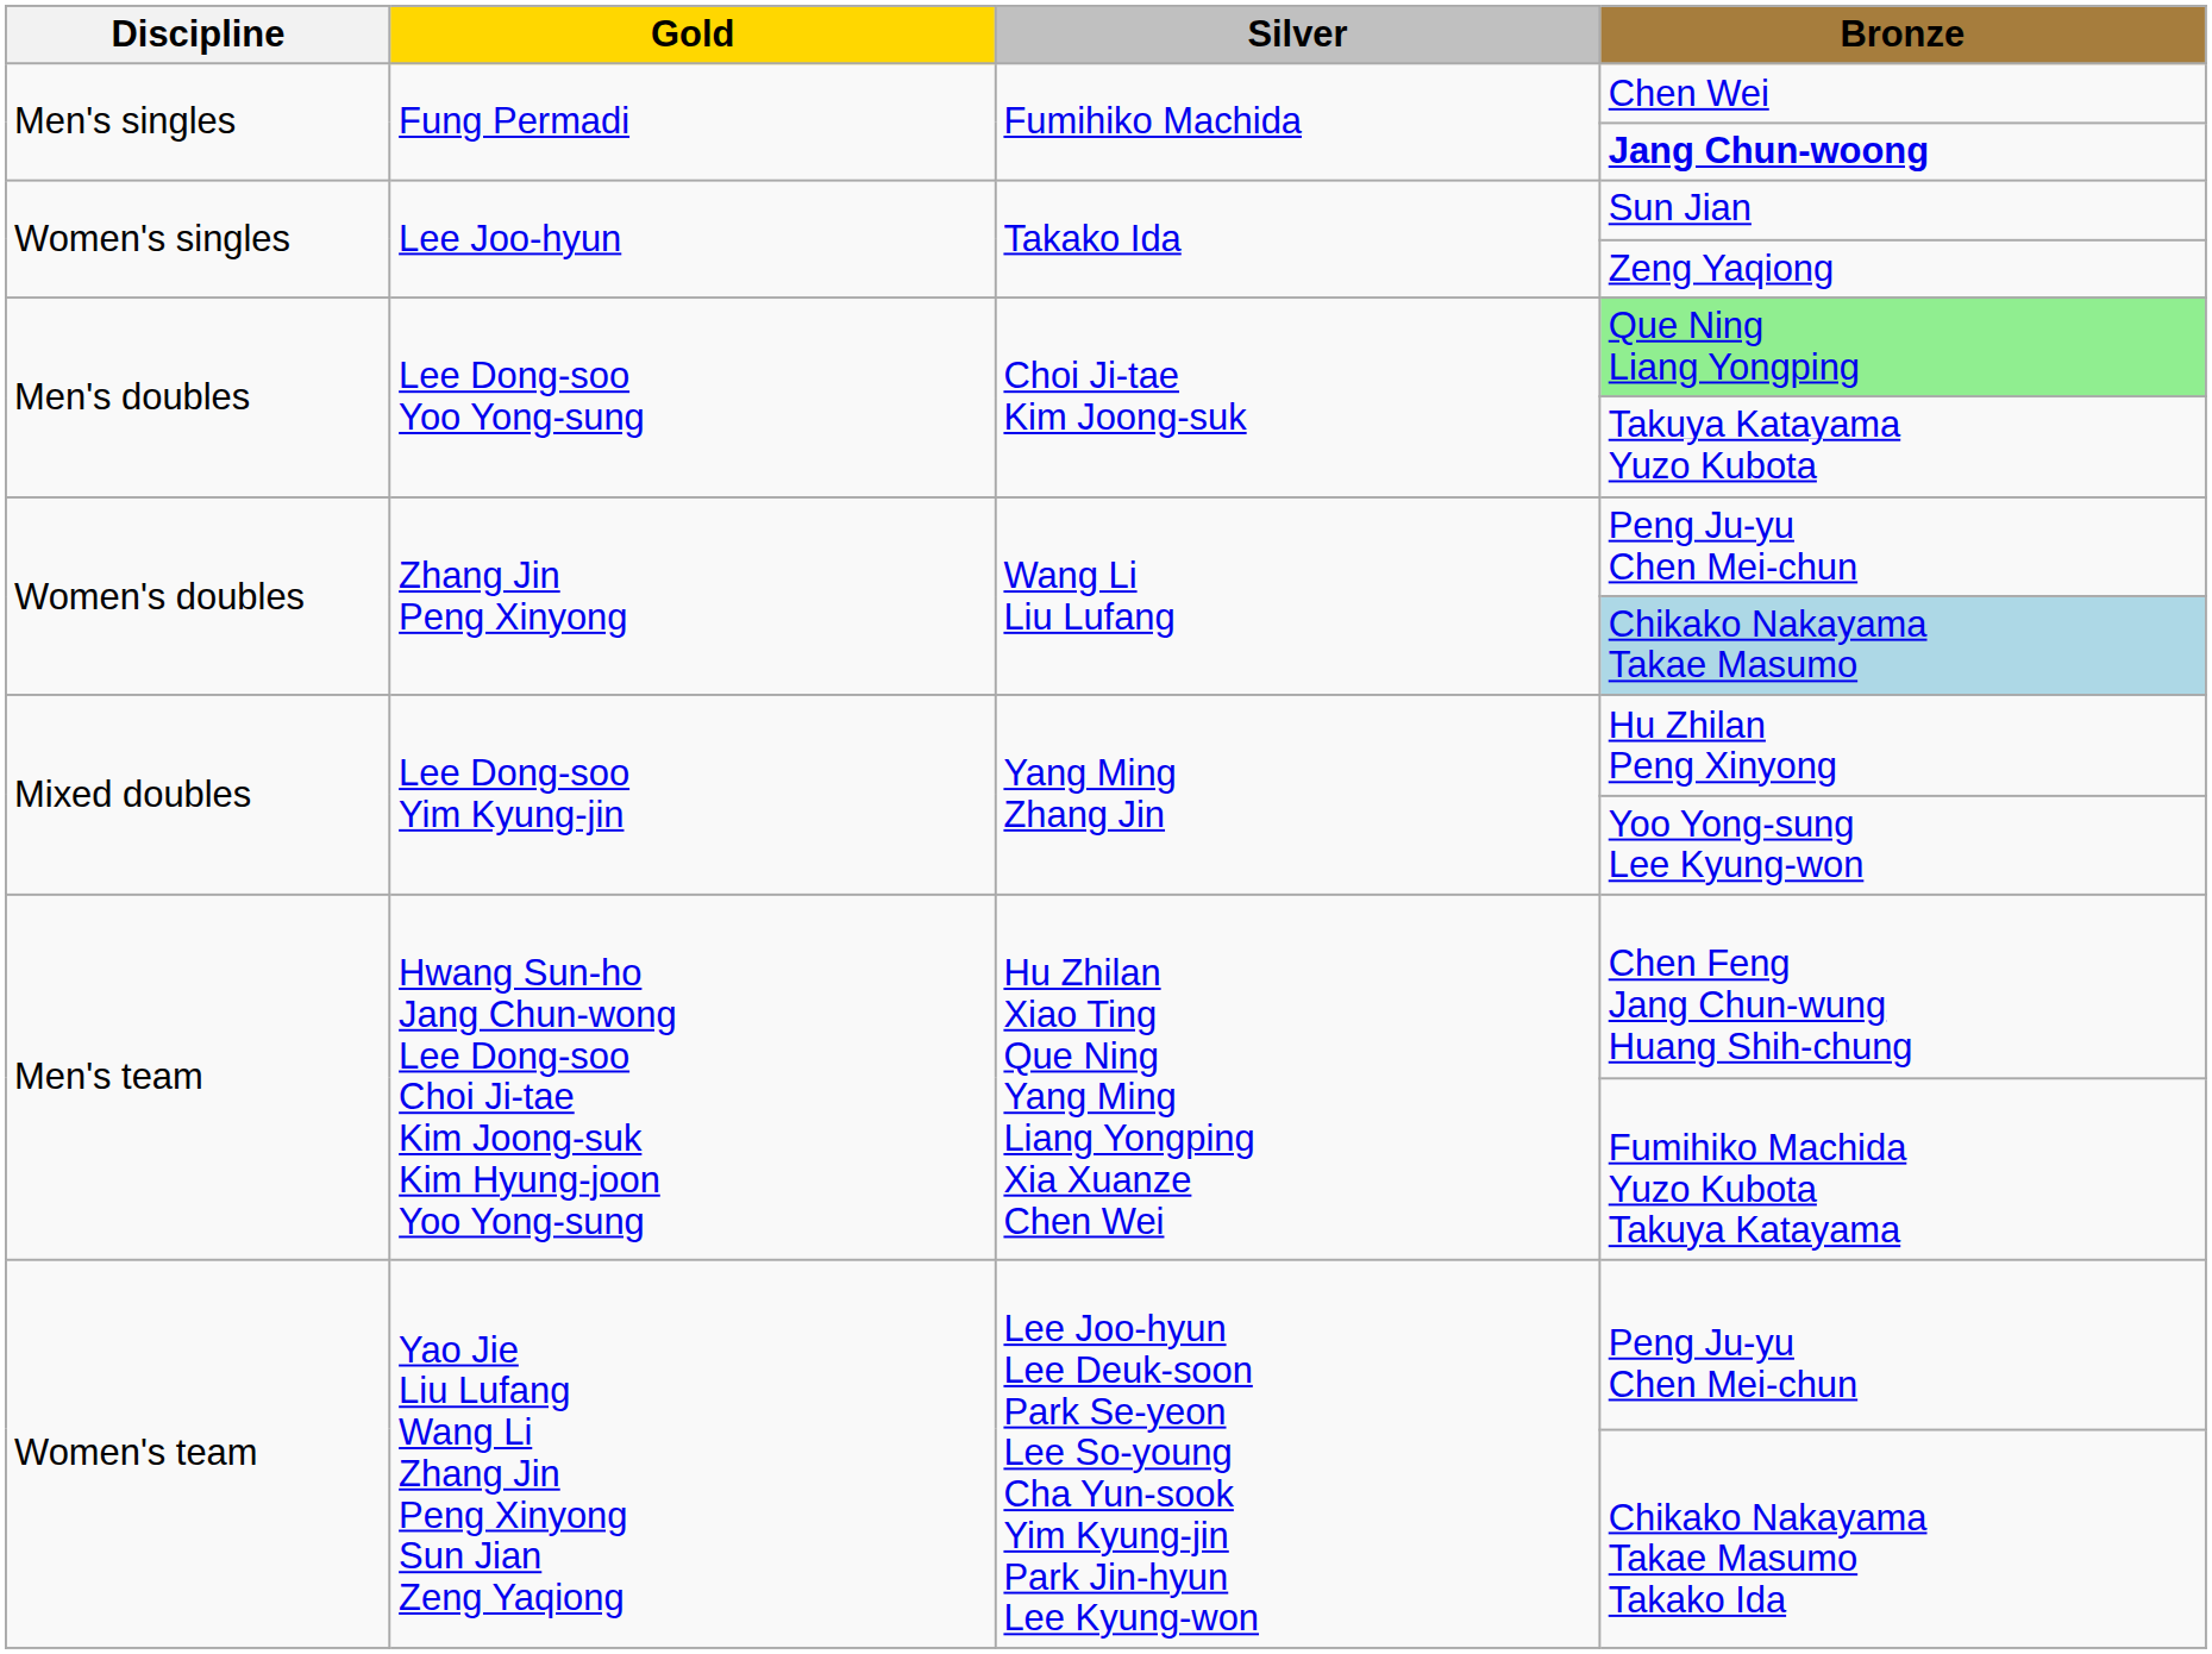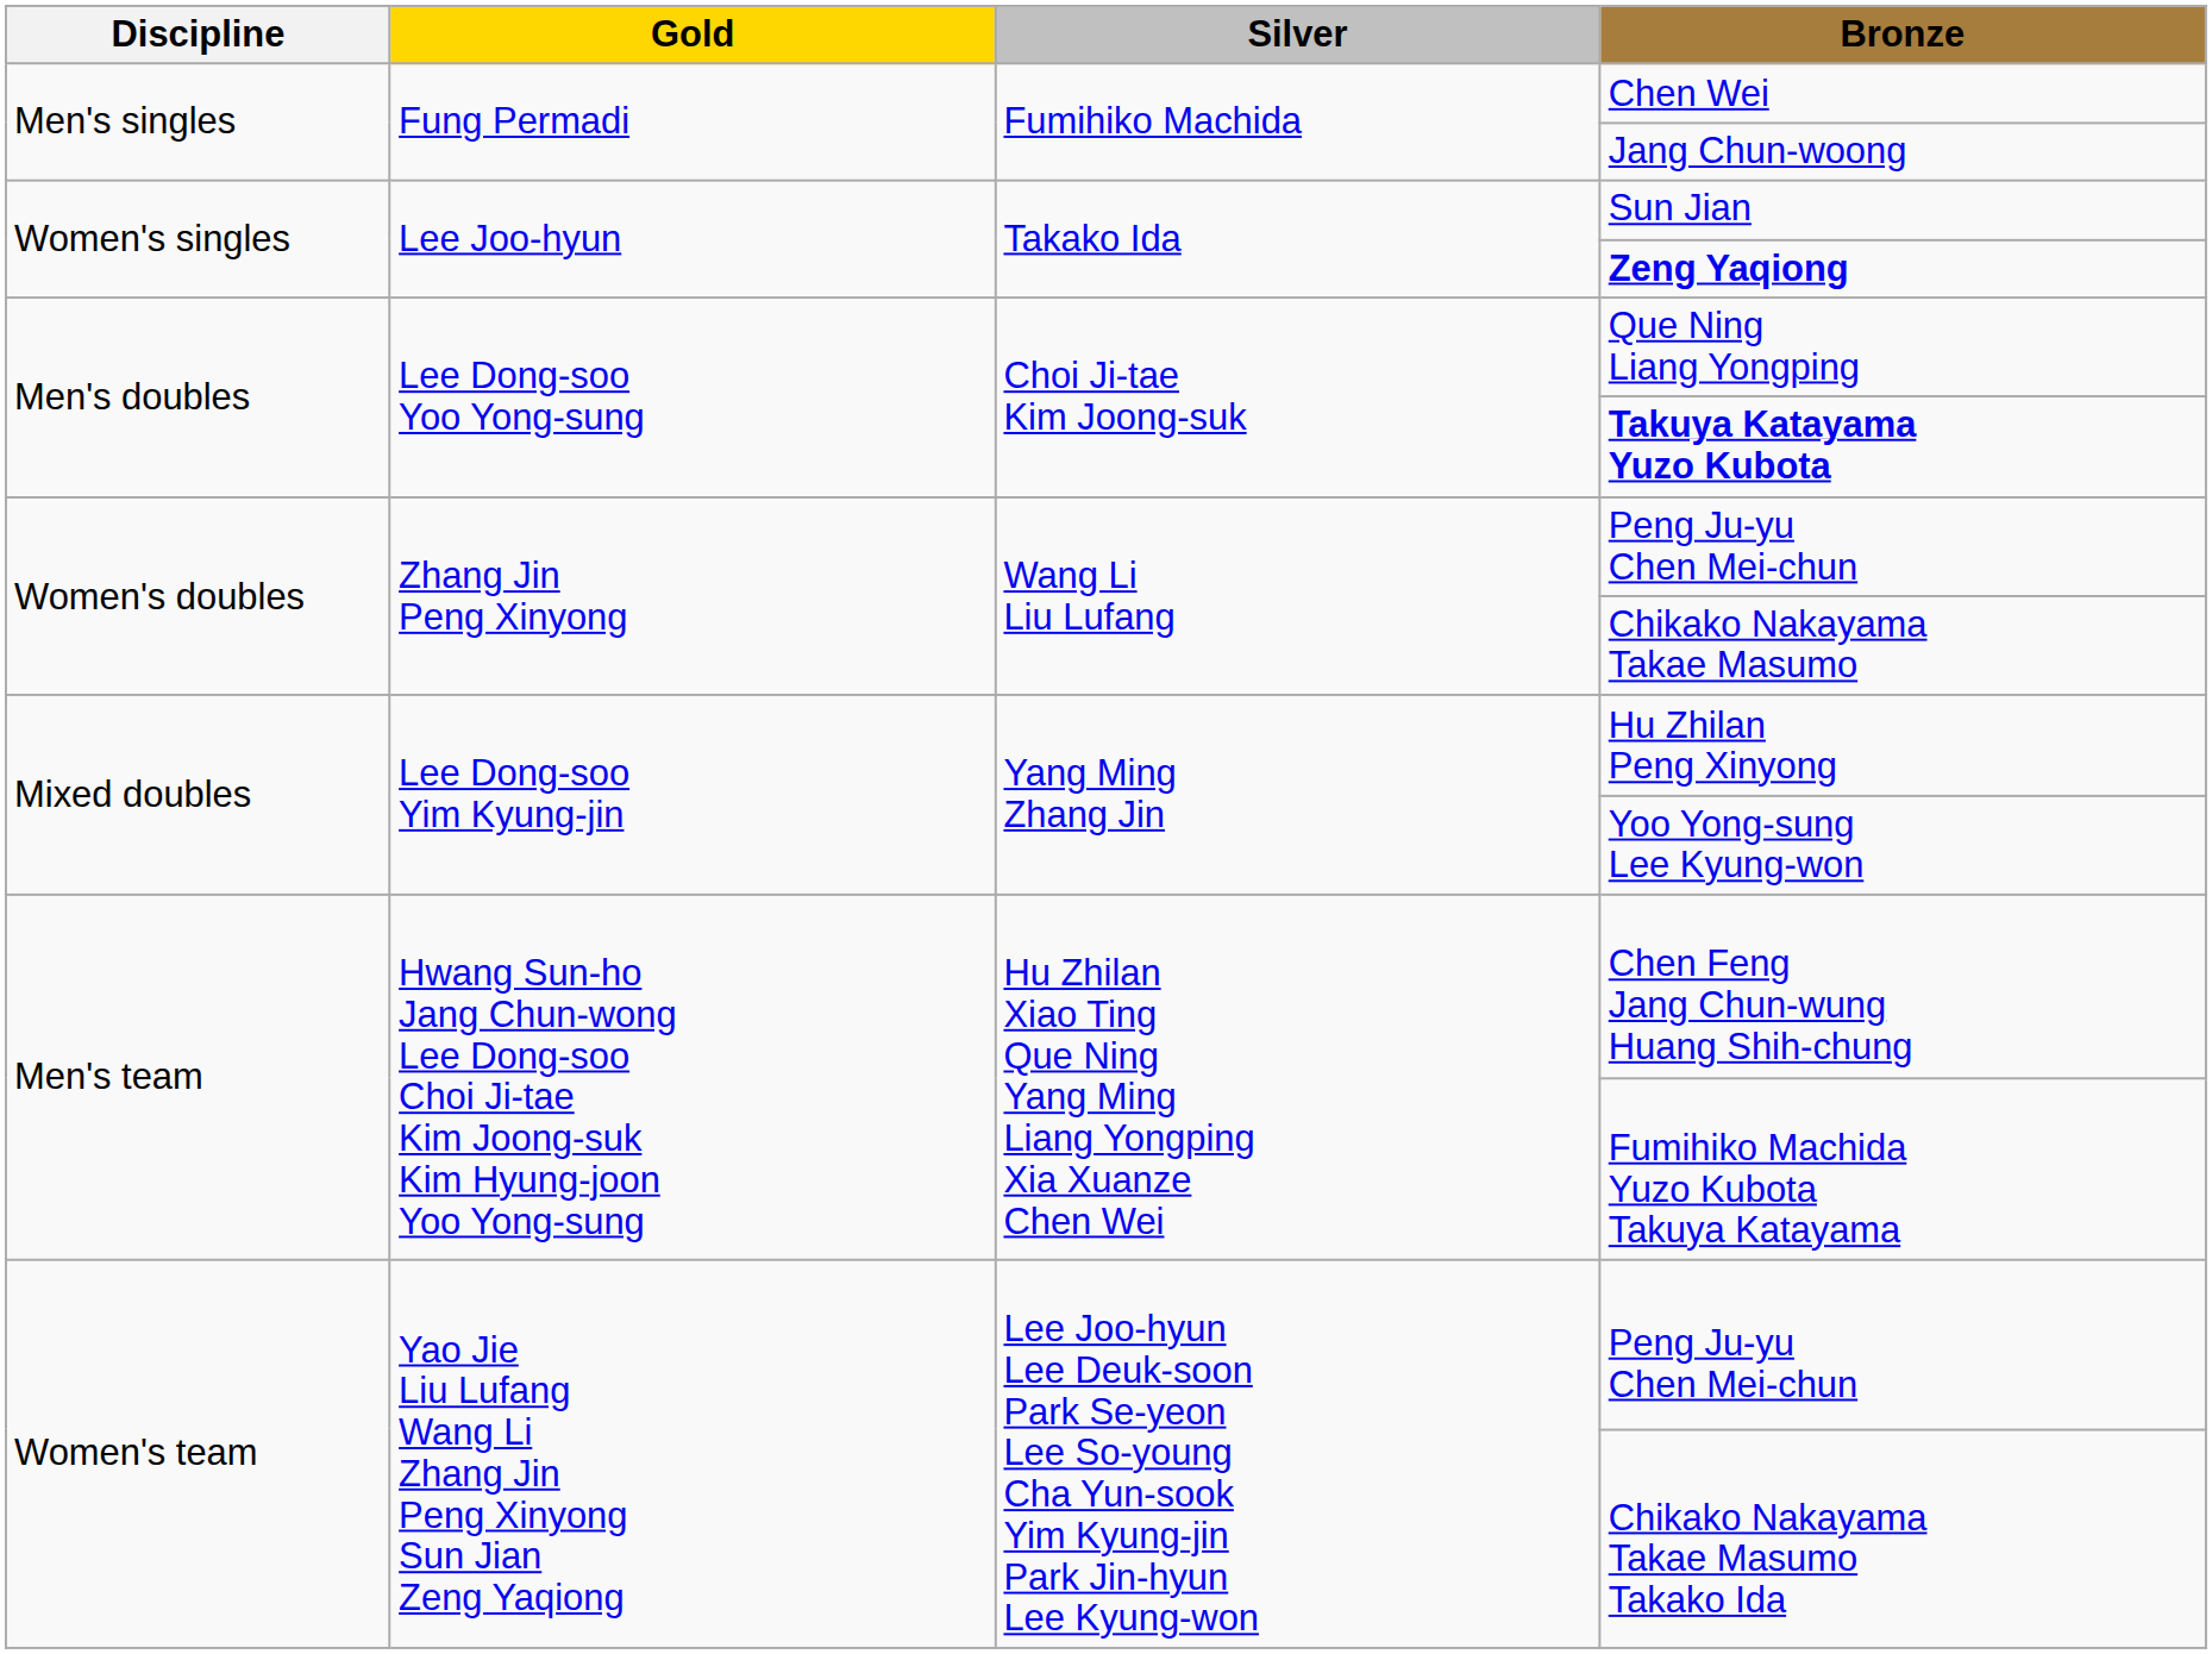 <table class="wikitable">
 <tr>
 <th style="width:10em;">Discipline</th>
 <th style="background:gold; width:16em;">Gold</th>
 <th style="background:silver; width:16em;">Silver</th>
 <th style="background:#A67D3D; width:16em;">Bronze</th>
 </tr>
 <tr>
 <td rowspan="2">Men's singles</td>
 <td rowspan="2"> <a href='#'>Fung Permadi</a></td>
 <td rowspan="2"> <a href='#'>Fumihiko Machida</a></td>
 <td> <a href='#'>Chen Wei</a></td>
 </tr>
 <tr>
-<td><strong> <a href='#'>Jang Chun-woong</a></strong></td>
+<td> <a href='#'>Jang Chun-woong</a></td>
 </tr>
 <tr>
 <td rowspan="2">Women's singles</td>
 <td rowspan="2"> <a href='#'>Lee Joo-hyun</a></td>
 <td rowspan="2"> <a href='#'>Takako Ida</a></td>
 <td> <a href='#'>Sun Jian</a></td>
 </tr>
 <tr>
-<td> <a href='#'>Zeng Yaqiong</a></td>
+<td><strong> <a href='#'>Zeng Yaqiong</a></strong></td>
 </tr>
 <tr>
 <td rowspan="2">Men's doubles</td>
 <td rowspan="2"> <a href='#'>Lee Dong-soo</a><br>  <a href='#'>Yoo Yong-sung</a></td>
 <td rowspan="2"> <a href='#'>Choi Ji-tae</a><br>  <a href='#'>Kim Joong-suk</a></td>
-<td style="background: lightgreen;"> <a href='#'>Que Ning</a><br>  <a href='#'>Liang Yongping</a></td>
+<td> <a href='#'>Que Ning</a><br>  <a href='#'>Liang Yongping</a></td>
 </tr>
 <tr>
-<td> <a href='#'>Takuya Katayama</a><br>  <a href='#'>Yuzo Kubota</a></td>
+<td><strong> <a href='#'>Takuya Katayama</a><br>  <a href='#'>Yuzo Kubota</a></strong></td>
 </tr>
 <tr>
 <td rowspan="2">Women's doubles</td>
 <td rowspan="2"> <a href='#'>Zhang Jin</a><br>  <a href='#'>Peng Xinyong</a></td>
 <td rowspan="2"> <a href='#'>Wang Li</a><br>  <a href='#'>Liu Lufang</a></td>
 <td> <a href='#'>Peng Ju-yu</a><br>  <a href='#'>Chen Mei-chun</a></td>
 </tr>
 <tr>
-<td style="background: lightblue;"> <a href='#'>Chikako Nakayama</a><br>  <a href='#'>Takae Masumo</a></td>
+<td> <a href='#'>Chikako Nakayama</a><br>  <a href='#'>Takae Masumo</a></td>
 </tr>
 <tr>
 <td rowspan="2">Mixed doubles</td>
 <td rowspan="2"> <a href='#'>Lee Dong-soo</a><br>  <a href='#'>Yim Kyung-jin</a></td>
 <td rowspan="2"> <a href='#'>Yang Ming</a><br>  <a href='#'>Zhang Jin</a></td>
 <td> <a href='#'>Hu Zhilan</a><br>  <a href='#'>Peng Xinyong</a></td>
 </tr>
 <tr>
 <td> <a href='#'>Yoo Yong-sung</a><br>  <a href='#'>Lee Kyung-won</a></td>
 </tr>
 <tr>
 <td rowspan=2>Men's team</td>
 <td rowspan=2> <br> <a href='#'>Hwang Sun-ho</a> <br> <a href='#'>Jang Chun-wong</a> <br> <a href='#'>Lee Dong-soo</a> <br> <a href='#'>Choi Ji-tae</a> <br> <a href='#'>Kim Joong-suk</a> <br> <a href='#'>Kim Hyung-joon</a> <br> <a href='#'>Yoo Yong-sung</a></td>
 <td rowspan=2> <br> <a href='#'>Hu Zhilan</a> <br> <a href='#'>Xiao Ting</a> <br> <a href='#'>Que Ning</a> <br> <a href='#'>Yang Ming</a> <br> <a href='#'>Liang Yongping</a> <br> <a href='#'>Xia Xuanze</a> <br> <a href='#'>Chen Wei</a></td>
 <td> <br> <a href='#'>Chen Feng</a> <br> <a href='#'>Jang Chun-wung</a> <br> <a href='#'>Huang Shih-chung</a></td>
 </tr>
 <tr>
 <td> <br> <a href='#'>Fumihiko Machida</a> <br> <a href='#'>Yuzo Kubota</a> <br> <a href='#'>Takuya Katayama</a></td>
 </tr>
 <tr>
 <td rowspan=2>Women's team</td>
 <td rowspan=2> <br> <a href='#'>Yao Jie</a> <br> <a href='#'>Liu Lufang</a> <br> <a href='#'>Wang Li</a> <br> <a href='#'>Zhang Jin</a> <br> <a href='#'>Peng Xinyong</a> <br> <a href='#'>Sun Jian</a> <br> <a href='#'>Zeng Yaqiong</a></td>
 <td rowspan=2> <br> <a href='#'>Lee Joo-hyun</a> <br> <a href='#'>Lee Deuk-soon</a> <br> <a href='#'>Park Se-yeon</a> <br> <a href='#'>Lee So-young</a> <br> <a href='#'>Cha Yun-sook</a> <br> <a href='#'>Yim Kyung-jin</a> <br> <a href='#'>Park Jin-hyun</a> <br> <a href='#'>Lee Kyung-won</a></td>
 <td> <br> <a href='#'>Peng Ju-yu</a> <br> <a href='#'>Chen Mei-chun</a></td>
 </tr>
 <tr>
 <td> <br> <a href='#'>Chikako Nakayama</a> <br> <a href='#'>Takae Masumo</a> <br> <a href='#'>Takako Ida</a></td>
 </tr>
 </table>
